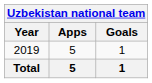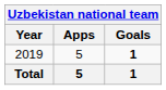 <table class="wikitable" style="text-align:center">
 <tr>
 <th colspan=3><a href='#'>Uzbekistan national team</a></th>
 </tr>
 <tr>
 <th>Year</th>
 <th>Apps</th>
 <th>Goals</th>
 </tr>
 <tr>
 <td>2019</td>
 <td>5</td>
-<td>1</td>
+<td><strong>1</strong></td>
 </tr>
 <tr>
 <th>Total</th>
 <th>5</th>
 <th>1</th>
 </tr>
 </table>
